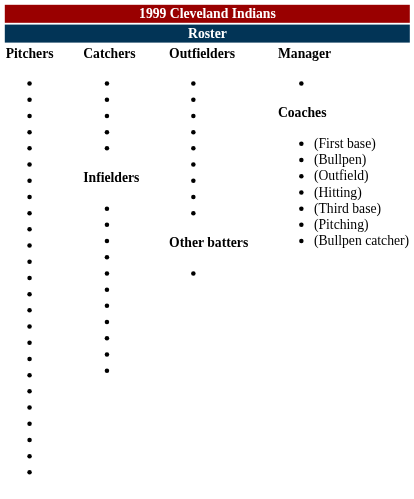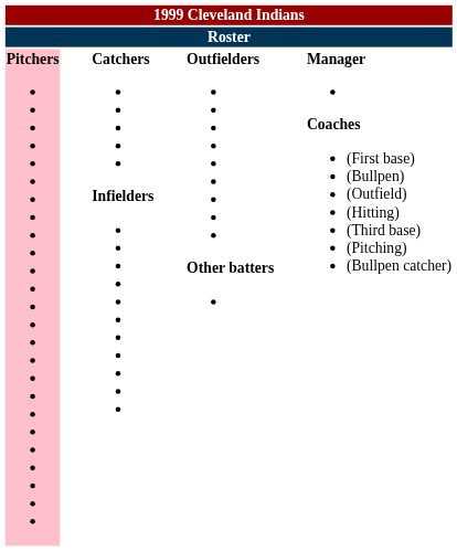 <table class="toccolours" style="font-size: 95%;">
 <tr>
 <th colspan="10" style="background-color: #990000; color: white; text-align: center;">1999 Cleveland Indians</th>
 </tr>
 <tr>
 <td colspan="10" style="background-color: #023456; color: #FFFFFF; text-align: center;"><strong>Roster</strong></td>
 </tr>
 <tr>
-<td valign="top"><strong>Pitchers</strong><br><ul><li></li><li></li><li></li><li></li><li></li><li></li><li></li><li></li><li></li><li></li><li></li><li></li><li></li><li></li><li></li><li></li><li></li><li></li><li></li><li></li><li></li><li></li><li></li><li></li><li></li></ul></td>
+<td valign="top" style="background: pink;"><strong>Pitchers</strong><br><ul><li></li><li></li><li></li><li></li><li></li><li></li><li></li><li></li><li></li><li></li><li></li><li></li><li></li><li></li><li></li><li></li><li></li><li></li><li></li><li></li><li></li><li></li><li></li><li></li><li></li></ul></td>
 <td width="25px"></td>
 <td valign="top"><strong>Catchers</strong><br><ul><li></li><li></li><li></li><li></li><li></li></ul><strong>Infielders</strong><ul><li></li><li></li><li></li><li></li><li></li><li></li><li></li><li></li><li></li><li></li><li></li></ul></td>
 <td width="25px"></td>
 <td valign="top"><strong>Outfielders</strong><br><ul><li></li><li></li><li></li><li></li><li></li><li></li><li></li><li></li><li></li></ul><strong>Other batters</strong><ul><li></li></ul></td>
 <td width="25px"></td>
 <td valign="top"><strong>Manager</strong><br><ul><li></li></ul><strong>Coaches</strong><ul><li> (First base)</li><li> (Bullpen)</li><li> (Outfield)</li><li> (Hitting)</li><li> (Third base)</li><li> (Pitching)</li><li> (Bullpen catcher)</li></ul></td>
 </tr>
 </table>
